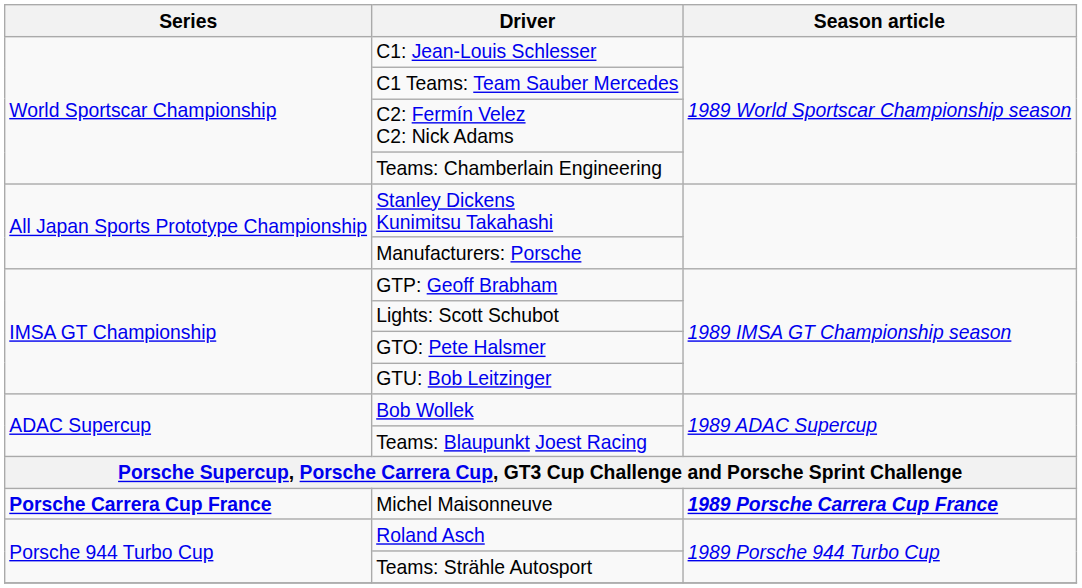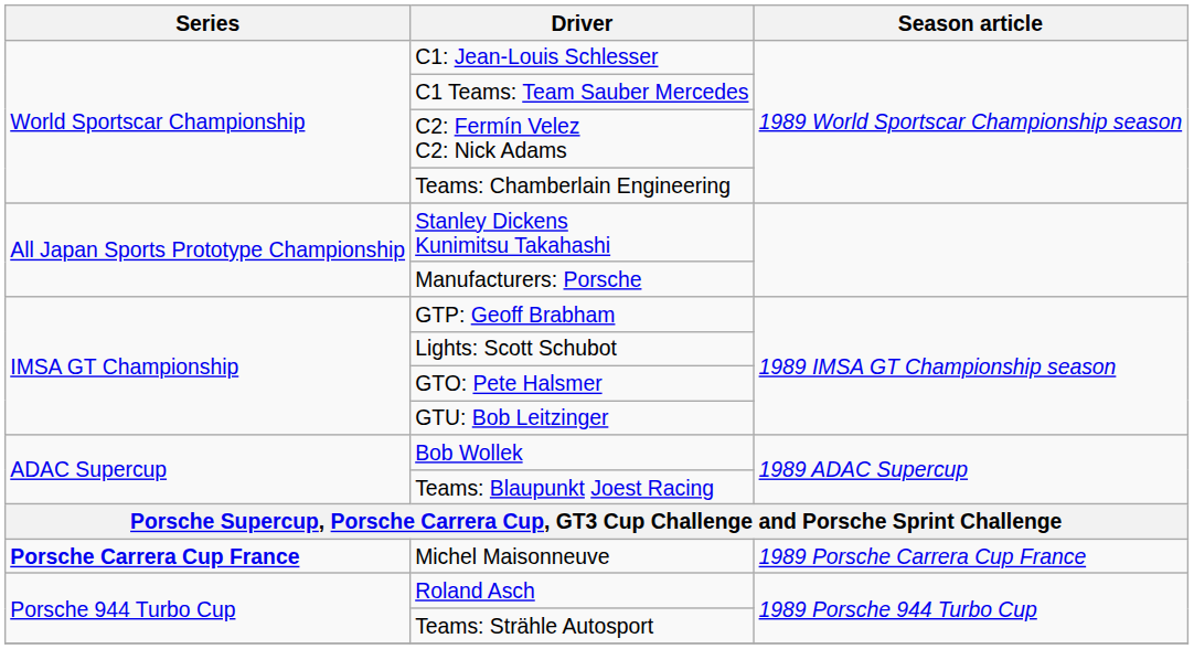 <table class="wikitable" style="font-size: 87%;">
 <tr>
 <th>Series</th>
 <th>Driver</th>
 <th>Season article</th>
 </tr>
 <tr>
 <td rowspan=4><a href='#'>World Sportscar Championship</a></td>
 <td>C1:  <a href='#'>Jean-Louis Schlesser</a></td>
 <td rowspan=4><em><a href='#'>1989 World Sportscar Championship season</a></em></td>
 </tr>
 <tr>
 <td>C1 Teams:  <a href='#'>Team Sauber Mercedes</a></td>
 </tr>
 <tr>
 <td>C2:  <a href='#'>Fermín Velez</a><br>C2:  Nick Adams</td>
 </tr>
 <tr>
 <td>Teams:  Chamberlain Engineering</td>
 </tr>
 <tr>
 <td rowspan=2><a href='#'>All Japan Sports Prototype Championship</a></td>
 <td> <a href='#'>Stanley Dickens</a><br> <a href='#'>Kunimitsu Takahashi</a></td>
 <td rowspan=2></td>
 </tr>
 <tr>
 <td>Manufacturers:  <a href='#'>Porsche</a></td>
 </tr>
 <tr>
 <td rowspan=4><a href='#'>IMSA GT Championship</a></td>
 <td>GTP:  <a href='#'>Geoff Brabham</a></td>
 <td rowspan=4><em><a href='#'>1989 IMSA GT Championship season</a></em></td>
 </tr>
 <tr>
 <td>Lights:  Scott Schubot</td>
 </tr>
 <tr>
 <td>GTO:  <a href='#'>Pete Halsmer</a></td>
 </tr>
 <tr>
 <td>GTU:  <a href='#'>Bob Leitzinger</a></td>
 </tr>
 <tr>
 <td rowspan=2><a href='#'>ADAC Supercup</a></td>
 <td> <a href='#'>Bob Wollek</a></td>
 <td rowspan=2><em><a href='#'>1989 ADAC Supercup</a></em></td>
 </tr>
 <tr>
 <td>Teams:  <a href='#'>Blaupunkt</a> <a href='#'>Joest Racing</a></td>
 </tr>
 <tr>
 <th colspan="3"><a href='#'>Porsche Supercup</a>, <a href='#'>Porsche Carrera Cup</a>, GT3 Cup Challenge and Porsche Sprint Challenge</th>
 </tr>
 <tr>
 <td><strong><a href='#'>Porsche Carrera Cup France</a></strong></td>
 <td> Michel Maisonneuve</td>
-<td><strong><em><a href='#'>1989 Porsche Carrera Cup France</a></em></strong></td>
+<td><em><a href='#'>1989 Porsche Carrera Cup France</a></em></td>
 </tr>
 <tr>
 <td rowspan=2><a href='#'>Porsche 944 Turbo Cup</a></td>
 <td> <a href='#'>Roland Asch</a></td>
 <td rowspan=2><em><a href='#'>1989 Porsche 944 Turbo Cup</a></em></td>
 </tr>
 <tr>
 <td>Teams:  Strähle Autosport</td>
 </tr>
 <tr>
 </tr>
 </table>
